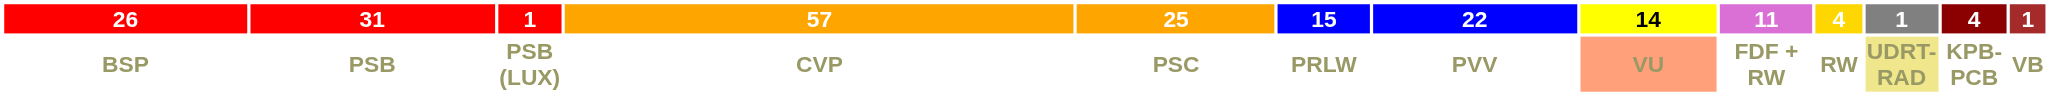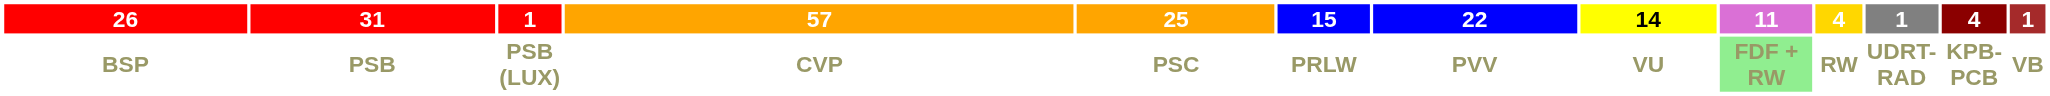 <table style="width:100%; font-size:88%; text-align:center;">
 <tr style="font-weight:bold">
 <td style="background:red; width:12.4%; color:white">26</td>
 <td style="background:red; width:12.5%; color:white">31</td>
 <td style="background:red; width:1.0%; color:white">1</td>
 <td style="background:orange; width:26.1%; color:white">57</td>
 <td style="background:orange; width:10.1%; color:white">25</td>
 <td style="background:blue; width:4.6%; color:white">15</td>
 <td style="background:blue; width:10.4%; color:white">22</td>
 <td style="background:yellow; width:7.0%; color:black">14</td>
 <td style="background:orchid; width:4.7%; color:white">11</td>
 <td style="background:gold; width:2.3%; color:white">4</td>
 <td style="background:gray; width:1.0%; color:white">1</td>
 <td style="background:darkred; width:3.3%; color:white">4</td>
 <td style="background:brown; width:1.4%; color:white">1</td>
 </tr>
 <tr style="font-weight:bold; color:#996;">
 <td>BSP</td>
 <td>PSB</td>
 <td>PSB (LUX)</td>
 <td>CVP</td>
 <td>PSC</td>
 <td>PRLW</td>
 <td>PVV</td>
-<td style="background: lightsalmon;">VU</td>
-<td>FDF + RW</td>
+<td>VU</td>
+<td style="background: lightgreen;">FDF + RW</td>
 <td>RW</td>
-<td style="background: khaki;">UDRT-RAD</td>
+<td>UDRT-RAD</td>
 <td>KPB-PCB</td>
 <td>VB</td>
 </tr>
 </table>
